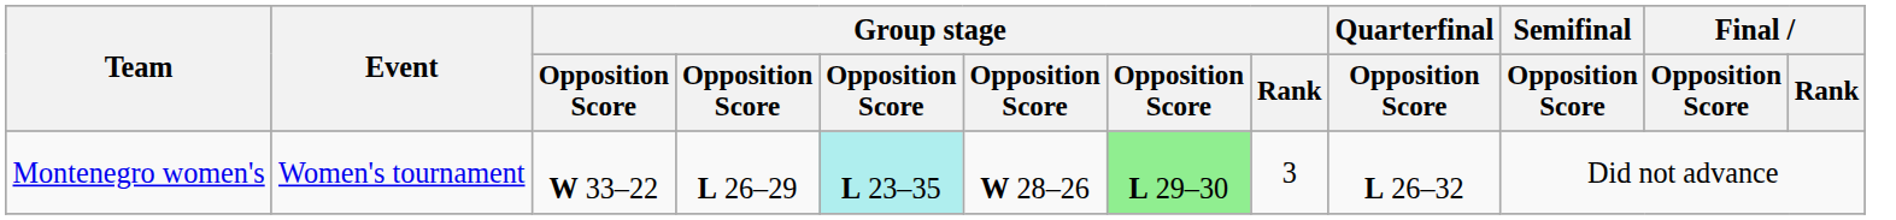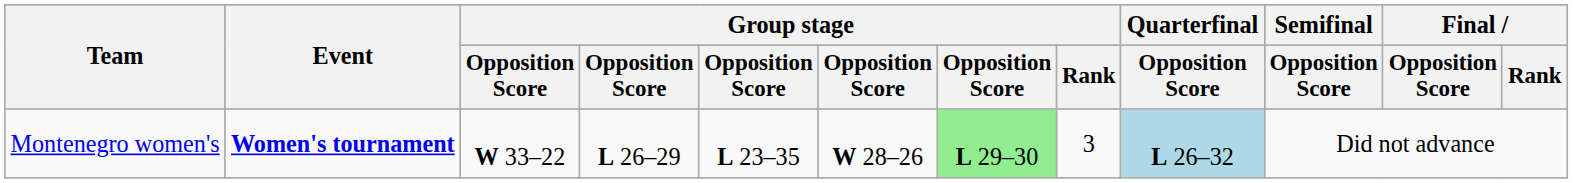 <table class="wikitable" style="font-size:90%">
 <tr>
 <th rowspan=2>Team</th>
 <th rowspan=2>Event</th>
 <th colspan=6>Group stage</th>
 <th>Quarterfinal</th>
 <th>Semifinal</th>
 <th colspan=2>Final / </th>
 </tr>
 <tr style="font-size:95%">
 <th>Opposition<br>Score</th>
 <th>Opposition<br>Score</th>
 <th>Opposition<br>Score</th>
 <th>Opposition<br>Score</th>
 <th>Opposition<br>Score</th>
 <th>Rank</th>
 <th>Opposition<br>Score</th>
 <th>Opposition<br>Score</th>
 <th>Opposition<br>Score</th>
 <th>Rank</th>
 </tr>
 <tr align=center>
 <td align=left><a href='#'>Montenegro women's</a></td>
-<td align=left><a href='#'>Women's tournament</a></td>
+<td align=left><strong><a href='#'>Women's tournament</a></strong></td>
 <td><br><strong>W</strong> 33–22</td>
 <td><br><strong>L</strong> 26–29</td>
-<td style="background: paleturquoise;"><br><strong>L</strong> 23–35</td>
+<td><br><strong>L</strong> 23–35</td>
 <td><br><strong>W</strong> 28–26</td>
 <td style="background: lightgreen;"><br><strong>L</strong> 29–30</td>
 <td>3 <strong></strong></td>
-<td><br><strong>L</strong> 26–32</td>
+<td style="background: lightblue;"><br><strong>L</strong> 26–32</td>
 <td colspan="3">Did not advance</td>
 </tr>
 </table>
